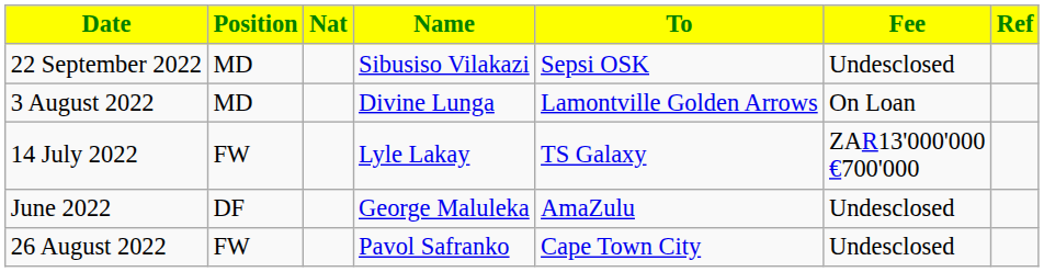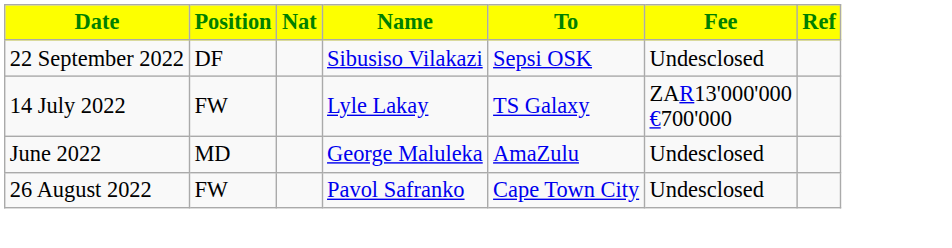 <table class="wikitable plainrowheaders sortable">
 <tr>
 <th style="background:#FDFF00; color:green; ">Date</th>
 <th style="background:#FDFF00; color:green; ">Position</th>
 <th style="background:#FDFF00; color:green; ">Nat</th>
 <th style="background:#FDFF00; color:green; ">Name</th>
 <th style="background:#FDFF00; color:green; ">To</th>
 <th style="background:#FDFF00; color:green; ">Fee</th>
 <th style="background:#FDFF00; color:green; ">Ref</th>
 </tr>
 <tr>
 <td>22 September 2022</td>
-<td>MD</td>
+<td>DF</td>
 <td></td>
 <td align="left"><a href='#'>Sibusiso Vilakazi</a></td>
 <td> <a href='#'>Sepsi OSK</a></td>
 <td>Undesclosed</td>
-<td></td>
-</tr>
-<tr>
-<td>3 August 2022</td>
-<td>MD</td>
-<td></td>
-<td align="left"><a href='#'>Divine Lunga</a></td>
-<td align="left"> <a href='#'>Lamontville Golden Arrows</a></td>
-<td>On Loan</td>
 <td></td>
 </tr>
 <tr>
 <td>14 July 2022</td>
 <td>FW</td>
 <td></td>
 <td style="text-align:left;"><a href='#'>Lyle Lakay</a></td>
 <td align="left"> <a href='#'>TS Galaxy</a></td>
 <td>ZA<a href='#'>R</a>13'000'000<br><a href='#'>€</a>700'000</td>
 <td></td>
 </tr>
 <tr>
 <td>June 2022</td>
-<td>DF</td>
+<td>MD</td>
 <td></td>
 <td align="left"><a href='#'>George Maluleka</a></td>
 <td align="left"> <a href='#'>AmaZulu</a></td>
 <td>Undesclosed</td>
 <td></td>
 </tr>
 <tr>
 <td>26 August 2022</td>
 <td>FW</td>
 <td></td>
 <td><a href='#'>Pavol Safranko</a></td>
 <td style="text-align:left;"> <a href='#'>Cape Town City</a></td>
 <td>Undesclosed</td>
 <td></td>
 </tr>
 </table>
